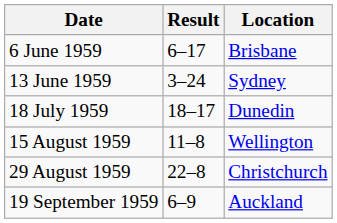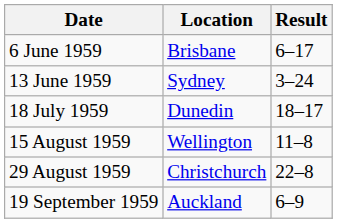 <table class="wikitable" style="align:center;">
 <tr>
 <th>Date</th>
+<th>Location</th>
 <th>Result</th>
-<th>Location</th>
 </tr>
 <tr>
 <td>6 June 1959</td>
+<td><a href='#'>Brisbane</a></td>
 <td> 6–17 </td>
-<td><a href='#'>Brisbane</a></td>
 </tr>
 <tr>
 <td>13 June 1959</td>
+<td><a href='#'>Sydney</a></td>
 <td> 3–24 </td>
-<td><a href='#'>Sydney</a></td>
 </tr>
 <tr>
 <td>18 July 1959</td>
+<td><a href='#'>Dunedin</a></td>
 <td> 18–17 </td>
-<td><a href='#'>Dunedin</a></td>
 </tr>
 <tr>
 <td>15 August 1959</td>
+<td><a href='#'>Wellington</a></td>
 <td> 11–8 </td>
-<td><a href='#'>Wellington</a></td>
 </tr>
 <tr>
 <td>29 August 1959</td>
+<td><a href='#'>Christchurch</a></td>
 <td> 22–8 </td>
-<td><a href='#'>Christchurch</a></td>
 </tr>
 <tr>
 <td>19 September 1959</td>
+<td><a href='#'>Auckland</a></td>
 <td> 6–9 </td>
-<td><a href='#'>Auckland</a></td>
 </tr>
 </table>
